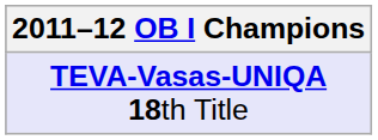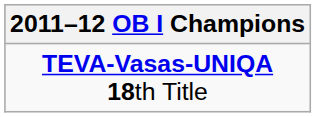 <table class=wikitable style="text-align:center; margin:auto">
 <tr>
 <th>2011–12 <a href='#'>OB I</a> Champions</th>
 </tr>
 <tr>
-<td style="background: lavender;"><strong><a href='#'>TEVA-Vasas-UNIQA</a></strong><br><strong>18</strong>th Title</td>
+<td><strong><a href='#'>TEVA-Vasas-UNIQA</a></strong><br><strong>18</strong>th Title</td>
 </tr>
 </table>
